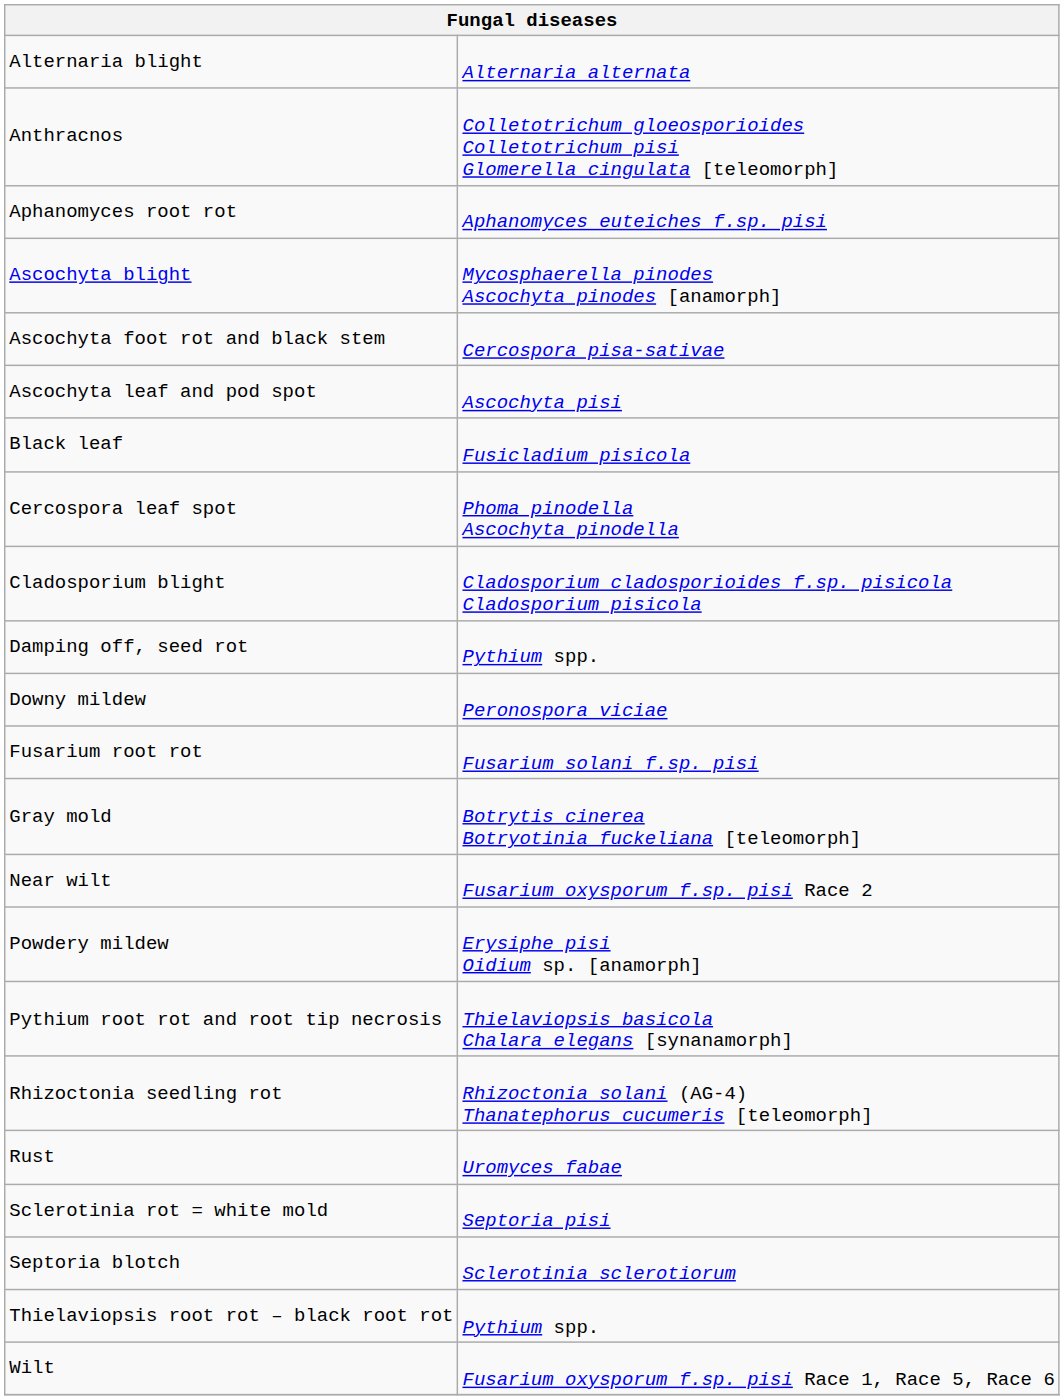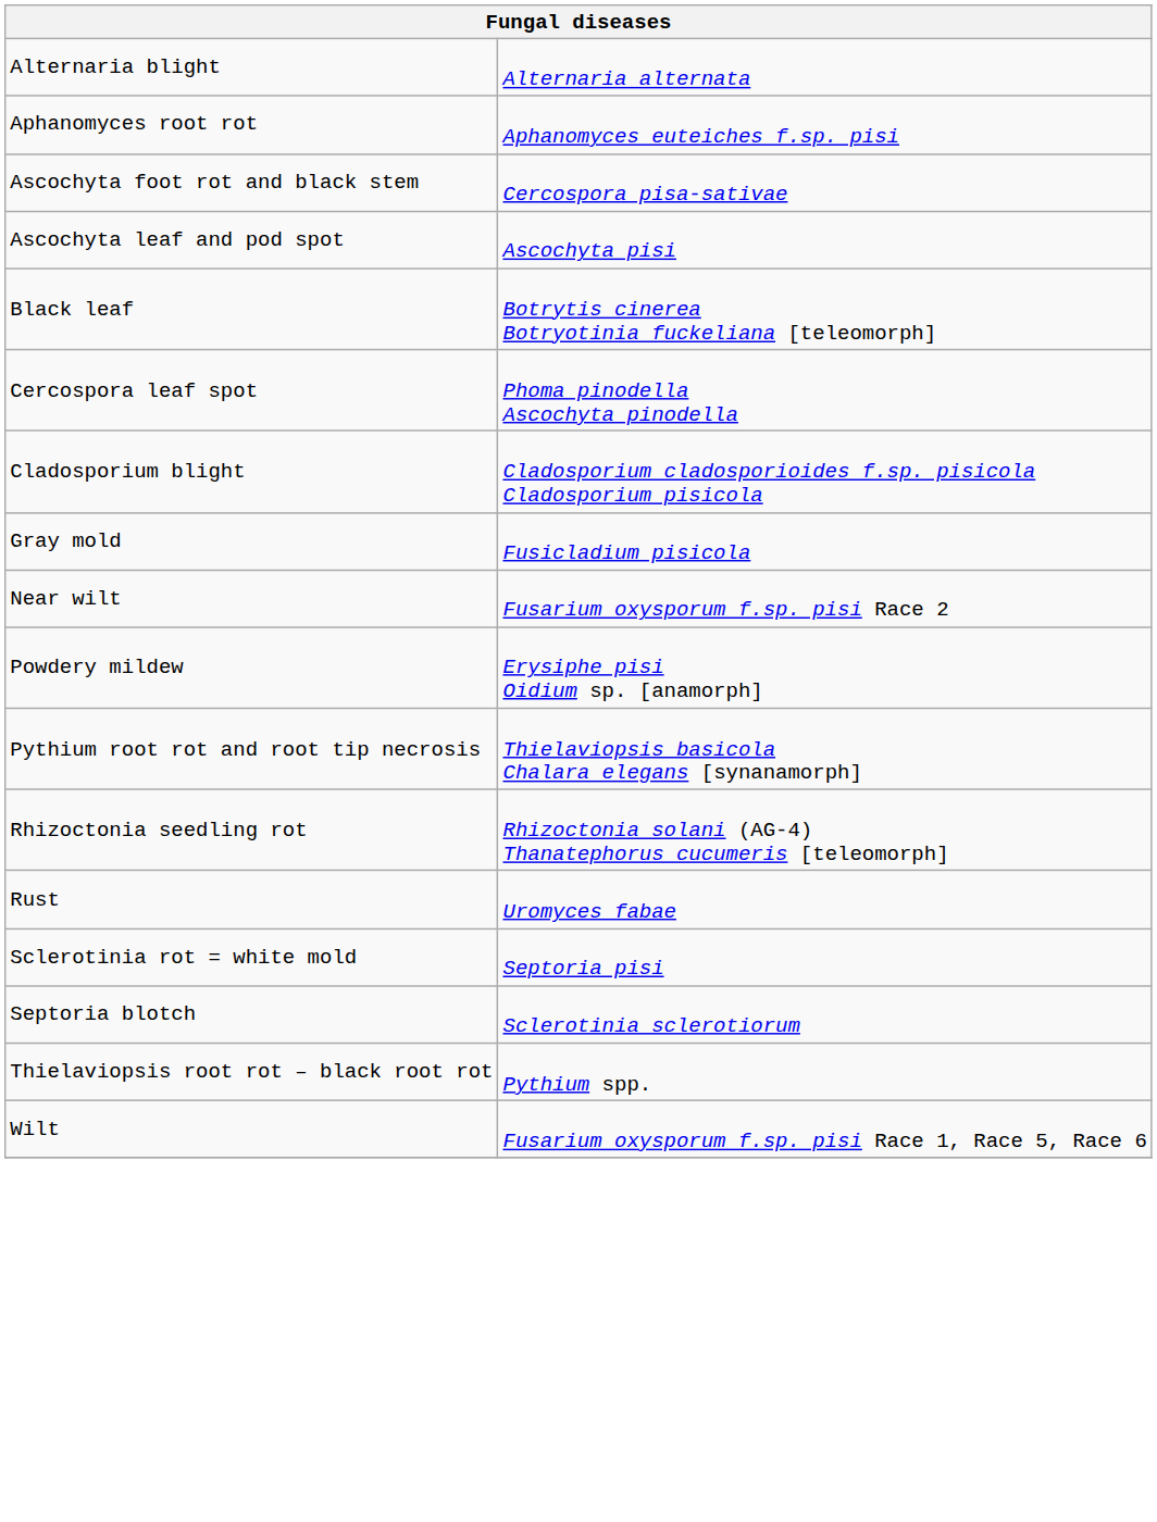 <table class="wikitable" style="clear">
 <tr>
 <th colspan=2><strong>Fungal diseases</strong><br></th>
 </tr>
 <tr>
 <td>Alternaria blight</td>
 <td><br><em><a href='#'>Alternaria alternata</a></em></td>
 </tr>
 <tr>
-<td>Anthracnos</td>
-<td><br><em><a href='#'>Colletotrichum gloeosporioides</a></em> <br>  <em><a href='#'>Colletotrichum pisi</a></em><br> <em><a href='#'>Glomerella cingulata</a></em> [teleomorph]</td>
-</tr>
-<tr>
 <td>Aphanomyces root rot</td>
 <td><br><em><a href='#'>Aphanomyces euteiches f.sp. pisi</a></em></td>
-</tr>
-<tr>
-<td><a href='#'>Ascochyta blight</a></td>
-<td><br><em><a href='#'>Mycosphaerella pinodes</a></em><br> <em><a href='#'>Ascochyta pinodes</a></em> [anamorph]</td>
 </tr>
 <tr>
 <td>Ascochyta foot rot and black stem</td>
 <td><br><em><a href='#'>Cercospora pisa-sativae</a></em></td>
 </tr>
 <tr>
 <td>Ascochyta leaf and pod spot</td>
 <td><br><em><a href='#'>Ascochyta pisi</a></em></td>
 </tr>
 <tr>
 <td>Black leaf</td>
-<td><br><em><a href='#'>Fusicladium pisicola</a></em></td>
+<td><br><em><a href='#'>Botrytis cinerea</a></em><br> <em><a href='#'>Botryotinia fuckeliana</a></em> [teleomorph]</td>
 </tr>
 <tr>
 <td>Cercospora leaf spot</td>
 <td><br><em><a href='#'>Phoma pinodella</a></em> <br>  <em><a href='#'>Ascochyta pinodella</a></em></td>
 </tr>
 <tr>
 <td>Cladosporium blight</td>
 <td><br><em><a href='#'>Cladosporium cladosporioides f.sp. pisicola</a></em> <br>  <em><a href='#'>Cladosporium pisicola</a></em></td>
 </tr>
 <tr>
-<td>Damping off, seed rot</td>
-<td><br><em><a href='#'>Pythium</a></em> spp.</td>
-</tr>
-<tr>
-<td>Downy mildew</td>
-<td><br><em><a href='#'>Peronospora viciae</a></em></td>
-</tr>
-<tr>
-<td>Fusarium root rot</td>
-<td><br><em><a href='#'>Fusarium solani f.sp. pisi</a></em></td>
-</tr>
-<tr>
 <td>Gray mold</td>
-<td><br><em><a href='#'>Botrytis cinerea</a></em><br> <em><a href='#'>Botryotinia fuckeliana</a></em> [teleomorph]</td>
+<td><br><em><a href='#'>Fusicladium pisicola</a></em></td>
 </tr>
 <tr>
 <td>Near wilt</td>
 <td><br><em><a href='#'>Fusarium oxysporum f.sp. pisi</a></em> Race 2</td>
 </tr>
 <tr>
 <td>Powdery mildew</td>
 <td><br><em><a href='#'>Erysiphe pisi</a></em><br> <em><a href='#'>Oidium</a></em> sp. [anamorph]</td>
 </tr>
 <tr>
 <td>Pythium root rot and root tip necrosis</td>
 <td><br><em><a href='#'>Thielaviopsis basicola</a></em><br> <em><a href='#'>Chalara elegans</a></em> [synanamorph]</td>
 </tr>
 <tr>
 <td>Rhizoctonia seedling rot</td>
 <td><br><em><a href='#'>Rhizoctonia solani</a></em> (AG-4) <br> <em><a href='#'>Thanatephorus cucumeris</a></em> [teleomorph]</td>
 </tr>
 <tr>
 <td>Rust</td>
 <td><br><em><a href='#'>Uromyces fabae</a></em></td>
 </tr>
 <tr>
 <td>Sclerotinia rot = white mold</td>
 <td><br><em><a href='#'>Septoria pisi</a></em></td>
 </tr>
 <tr>
 <td>Septoria blotch</td>
 <td><br><em><a href='#'>Sclerotinia sclerotiorum</a></em></td>
 </tr>
 <tr>
 <td>Thielaviopsis root rot – black root rot</td>
 <td><br><em><a href='#'>Pythium</a></em> spp.</td>
 </tr>
 <tr>
 <td>Wilt</td>
 <td><br><em><a href='#'>Fusarium oxysporum f.sp. pisi</a></em> Race 1, Race 5, Race 6</td>
 </tr>
 <tr>
 </tr>
 </table>
